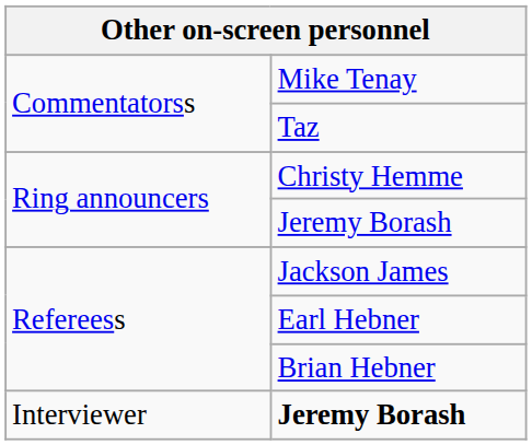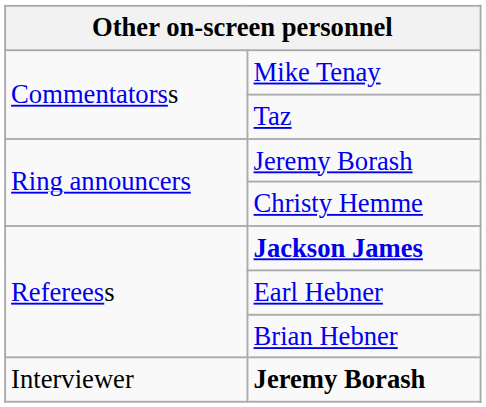 <table align="right" class="wikitable" style="border:1px; font-size:90%; margin-left:1em;">
 <tr>
 <th colspan="2" width="250"><strong>Other on-screen personnel</strong></th>
 </tr>
 <tr>
 <td rowspan=2><a href='#'>Commentators</a>s</td>
 <td><a href='#'>Mike Tenay</a></td>
 </tr>
 <tr>
 <td><a href='#'>Taz</a></td>
 </tr>
 <tr>
 <td rowspan=2><a href='#'>Ring announcers</a></td>
+<td><a href='#'>Jeremy Borash</a></td>
+</tr>
+<tr>
 <td><a href='#'>Christy Hemme</a></td>
 </tr>
 <tr>
-<td><a href='#'>Jeremy Borash</a></td>
-</tr>
-<tr>
 <td rowspan=3><a href='#'>Referees</a>s</td>
-<td><a href='#'>Jackson James</a></td>
+<td><strong><a href='#'>Jackson James</a></strong></td>
 </tr>
 <tr>
 <td><a href='#'>Earl Hebner</a></td>
 </tr>
 <tr>
 <td><a href='#'>Brian Hebner</a></td>
 </tr>
 <tr>
 <td rowspan=1>Interviewer</td>
 <td><strong>Jeremy Borash</strong></td>
 </tr>
 <tr>
 </tr>
 </table>
